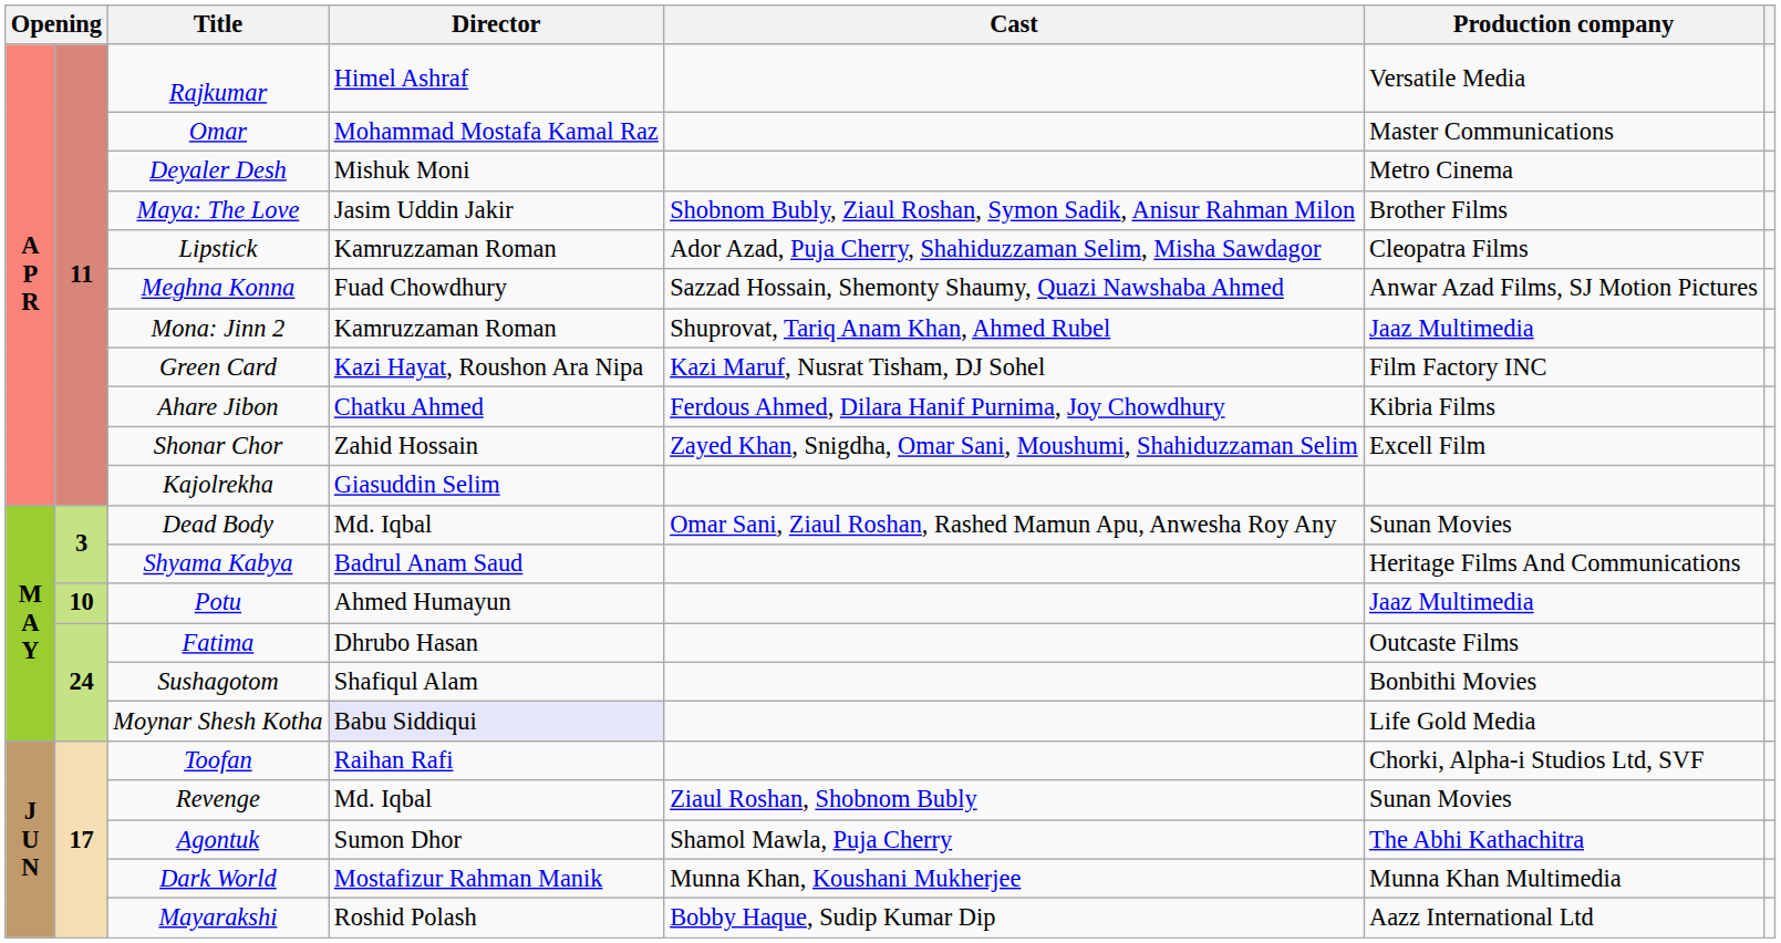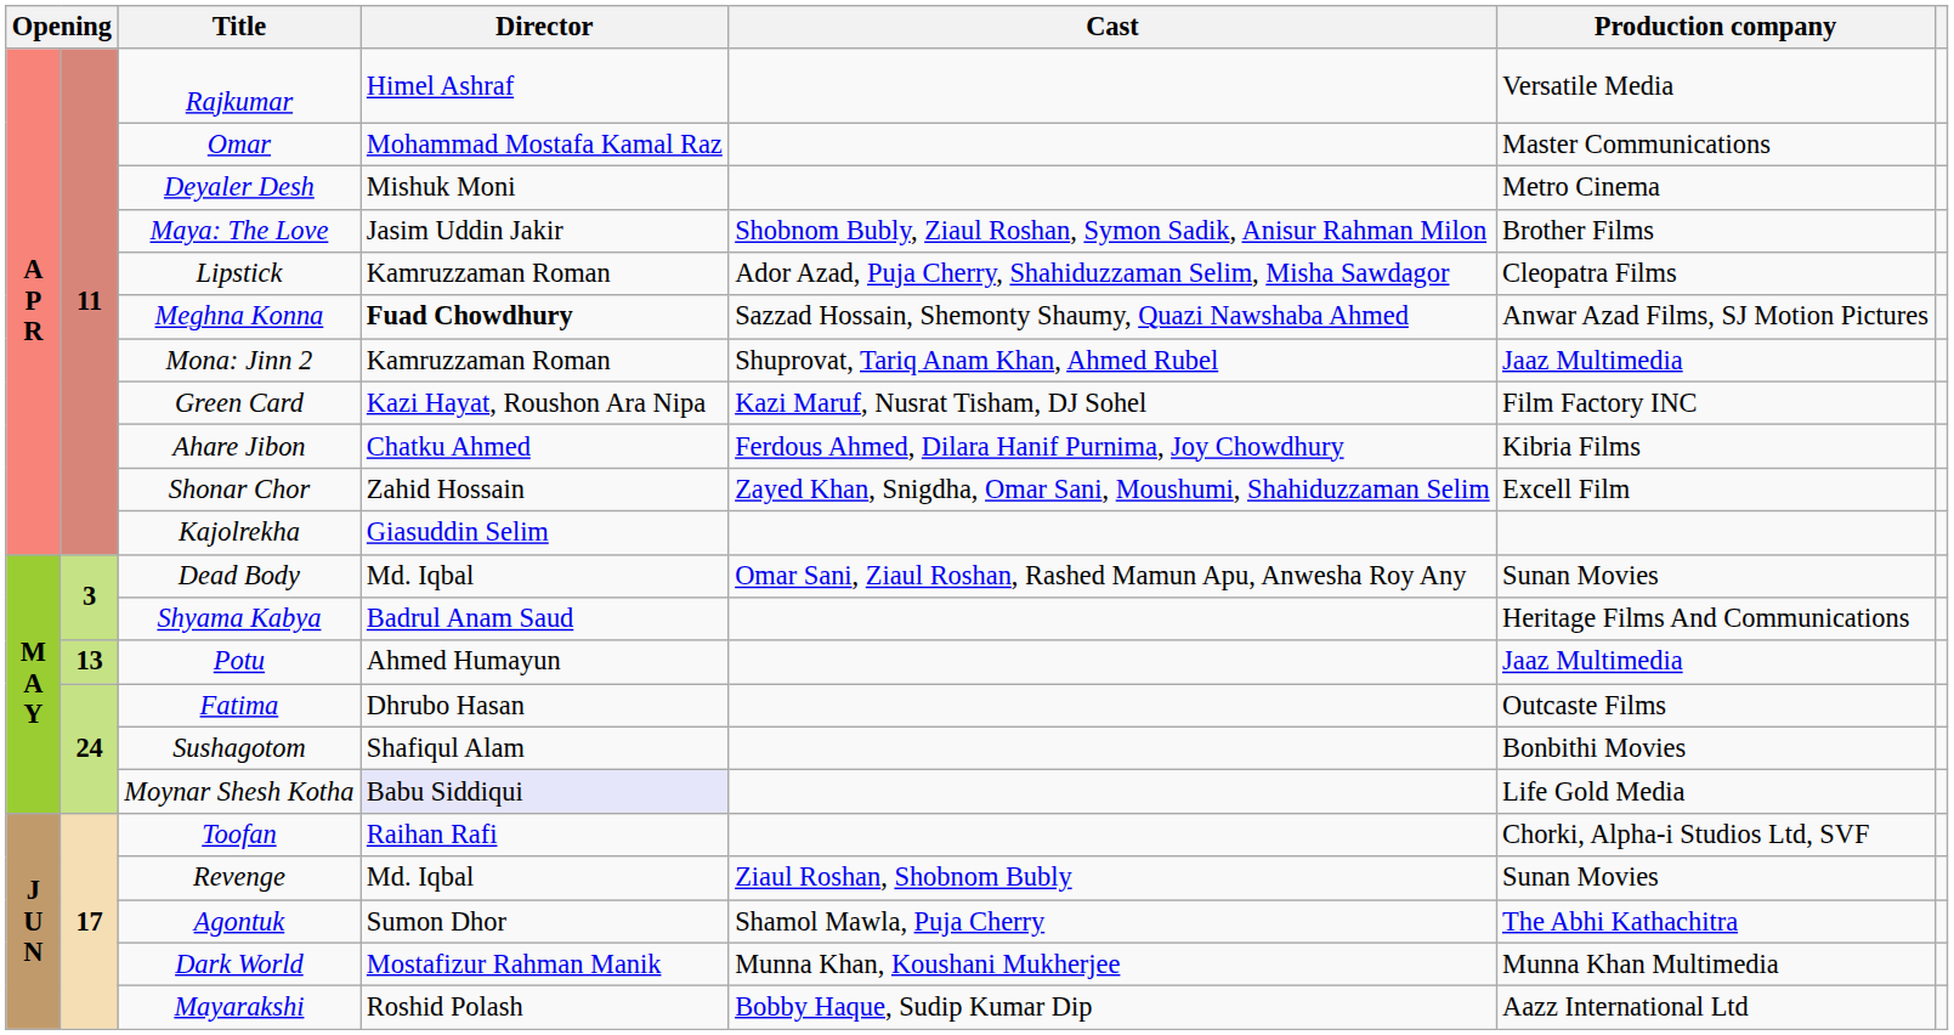 <table class="wikitable sortable">
 <tr>
 <th colspan="2"><strong>Opening</strong></th>
 <th><strong>Title</strong></th>
 <th><strong>Director</strong></th>
 <th><strong>Cast</strong></th>
 <th><strong>Production company</strong></th>
 <th></th>
 </tr>
 <tr>
 <th rowspan="11" style="text-align:center; background:#F88379; textcolor:#000;"><strong>A<br>P<br>R</strong></th>
 <td rowspan="11" style="text-align:center; background:#d88579;" ;><strong>11</strong></td>
 <td style="text-align:center;"><br><em><a href='#'>Rajkumar</a></em></td>
 <td><a href='#'>Himel Ashraf</a></td>
 <td></td>
 <td>Versatile Media</td>
 <td></td>
 </tr>
 <tr>
 <td style="text-align:center;"><em><a href='#'>Omar</a></em></td>
 <td><a href='#'>Mohammad Mostafa Kamal Raz</a></td>
 <td></td>
 <td>Master Communications</td>
 <td></td>
 </tr>
 <tr>
 <td style="text-align:center;"><em><a href='#'>Deyaler Desh</a></em></td>
 <td>Mishuk Moni</td>
 <td></td>
 <td>Metro Cinema</td>
 <td></td>
 </tr>
 <tr>
 <td style="text-align:center;"><em><a href='#'>Maya: The Love</a></em></td>
 <td>Jasim Uddin Jakir</td>
 <td><a href='#'>Shobnom Bubly</a>, <a href='#'>Ziaul Roshan</a>, <a href='#'>Symon Sadik</a>, <a href='#'>Anisur Rahman Milon</a></td>
 <td>Brother Films</td>
 <td></td>
 </tr>
 <tr>
 <td style="text-align:center;"><em>Lipstick</em></td>
 <td>Kamruzzaman Roman</td>
 <td>Ador Azad, <a href='#'>Puja Cherry</a>, <a href='#'>Shahiduzzaman Selim</a>, <a href='#'>Misha Sawdagor</a></td>
 <td>Cleopatra Films</td>
 <td></td>
 </tr>
 <tr>
 <td style="text-align:center;"><em><a href='#'>Meghna Konna</a></em></td>
-<td>Fuad Chowdhury</td>
+<td><strong>Fuad Chowdhury</strong></td>
 <td>Sazzad Hossain, Shemonty Shaumy, <a href='#'>Quazi Nawshaba Ahmed</a></td>
 <td>Anwar Azad Films, SJ Motion Pictures</td>
 <td></td>
 </tr>
 <tr>
 <td style="text-align:center;"><em>Mona: Jinn 2</em></td>
 <td>Kamruzzaman Roman</td>
 <td>Shuprovat, <a href='#'>Tariq Anam Khan</a>, <a href='#'>Ahmed Rubel</a></td>
 <td><a href='#'>Jaaz Multimedia</a></td>
 <td></td>
 </tr>
 <tr>
 <td style="text-align:center;"><em>Green Card</em></td>
 <td><a href='#'>Kazi Hayat</a>, Roushon Ara Nipa</td>
 <td><a href='#'>Kazi Maruf</a>, Nusrat Tisham, DJ Sohel</td>
 <td>Film Factory INC</td>
 <td></td>
 </tr>
 <tr>
 <td style="text-align:center;"><em>Ahare Jibon</em></td>
 <td><a href='#'>Chatku Ahmed</a></td>
 <td><a href='#'>Ferdous Ahmed</a>, <a href='#'>Dilara Hanif Purnima</a>, <a href='#'>Joy Chowdhury</a></td>
 <td>Kibria Films</td>
 <td></td>
 </tr>
 <tr>
 <td style="text-align:center;"><em>Shonar Chor</em></td>
 <td>Zahid Hossain</td>
 <td><a href='#'>Zayed Khan</a>, Snigdha, <a href='#'>Omar Sani</a>, <a href='#'>Moushumi</a>, <a href='#'>Shahiduzzaman Selim</a></td>
 <td>Excell Film</td>
 <td></td>
 </tr>
 <tr>
 <td style="text-align:center;"><em>Kajolrekha</em></td>
 <td><a href='#'>Giasuddin Selim</a></td>
 <td></td>
 <td></td>
 <td></td>
 </tr>
 <tr>
 <td rowspan="6" style="text-align:center; background: #9ACD32; textcolor:#000;"><strong>M<br>A<br>Y</strong></td>
 <td rowspan="2" style="text-align:center; background:#C5E384;"><strong>3</strong></td>
 <td style="text-align:center;"><em>Dead Body</em></td>
 <td>Md. Iqbal</td>
 <td><a href='#'>Omar Sani</a>, <a href='#'>Ziaul Roshan</a>, Rashed Mamun Apu, Anwesha Roy Any</td>
 <td>Sunan Movies</td>
 <td></td>
 </tr>
 <tr>
 <td style="text-align:center;"><em><a href='#'>Shyama Kabya</a></em></td>
 <td><a href='#'>Badrul Anam Saud</a></td>
 <td></td>
 <td>Heritage Films And Communications</td>
 <td></td>
 </tr>
 <tr>
-<td style="text-align:center; background:#C5E384;"><strong>10</strong></td>
+<td style="text-align:center; background:#C5E384;"><strong>13</strong></td>
 <td style="text-align:center;"><a href='#'><em>Potu</em></a></td>
 <td>Ahmed Humayun</td>
 <td></td>
 <td><a href='#'>Jaaz Multimedia</a></td>
 <td></td>
 </tr>
 <tr>
 <td rowspan="3" style="text-align:center; background:#C5E384;"><strong>24</strong></td>
 <td style="text-align:center;"><em><a href='#'>Fatima</a></em></td>
 <td>Dhrubo Hasan</td>
 <td></td>
 <td>Outcaste Films</td>
 <td></td>
 </tr>
 <tr>
 <td style="text-align:center;"><em>Sushagotom</em></td>
 <td>Shafiqul Alam</td>
 <td></td>
 <td>Bonbithi Movies</td>
 <td></td>
 </tr>
 <tr>
 <td style="text-align:center;"><em>Moynar Shesh Kotha</em></td>
 <td style="background: lavender;">Babu Siddiqui</td>
 <td></td>
 <td>Life Gold Media</td>
 <td></td>
 </tr>
 <tr>
 <td rowspan="5" style="text-align:center; background:#C19A6B; textcolor:#000;"><strong>J<br>U<br>N</strong></td>
 <td rowspan="5" style="text-align:center;background:#F5DEB3;"><strong>17</strong></td>
 <td style="text-align:center;"><em><a href='#'>Toofan</a></em></td>
 <td><a href='#'>Raihan Rafi</a></td>
 <td></td>
 <td>Chorki, Alpha-i Studios Ltd, SVF</td>
 <td></td>
 </tr>
 <tr>
 <td style="text-align:center;"><em>Revenge</em></td>
 <td>Md. Iqbal</td>
 <td><a href='#'>Ziaul Roshan</a>, <a href='#'>Shobnom Bubly</a></td>
 <td>Sunan Movies</td>
 <td></td>
 </tr>
 <tr>
 <td style="text-align:center;"><em><a href='#'>Agontuk</a></em></td>
 <td>Sumon Dhor</td>
 <td>Shamol Mawla, <a href='#'>Puja Cherry</a></td>
 <td><a href='#'>The Abhi Kathachitra</a></td>
 <td></td>
 </tr>
 <tr>
 <td style="text-align:center;"><a href='#'><em>Dark World</em></a></td>
 <td><a href='#'>Mostafizur Rahman Manik</a></td>
 <td>Munna Khan, <a href='#'>Koushani Mukherjee</a></td>
 <td>Munna Khan Multimedia</td>
 <td></td>
 </tr>
 <tr>
 <td style="text-align:center;"><a href='#'><em>Mayarakshi</em></a></td>
 <td>Roshid Polash</td>
 <td><a href='#'>Bobby Haque</a>, Sudip Kumar Dip</td>
 <td>Aazz International Ltd</td>
 <td></td>
 </tr>
 </table>
